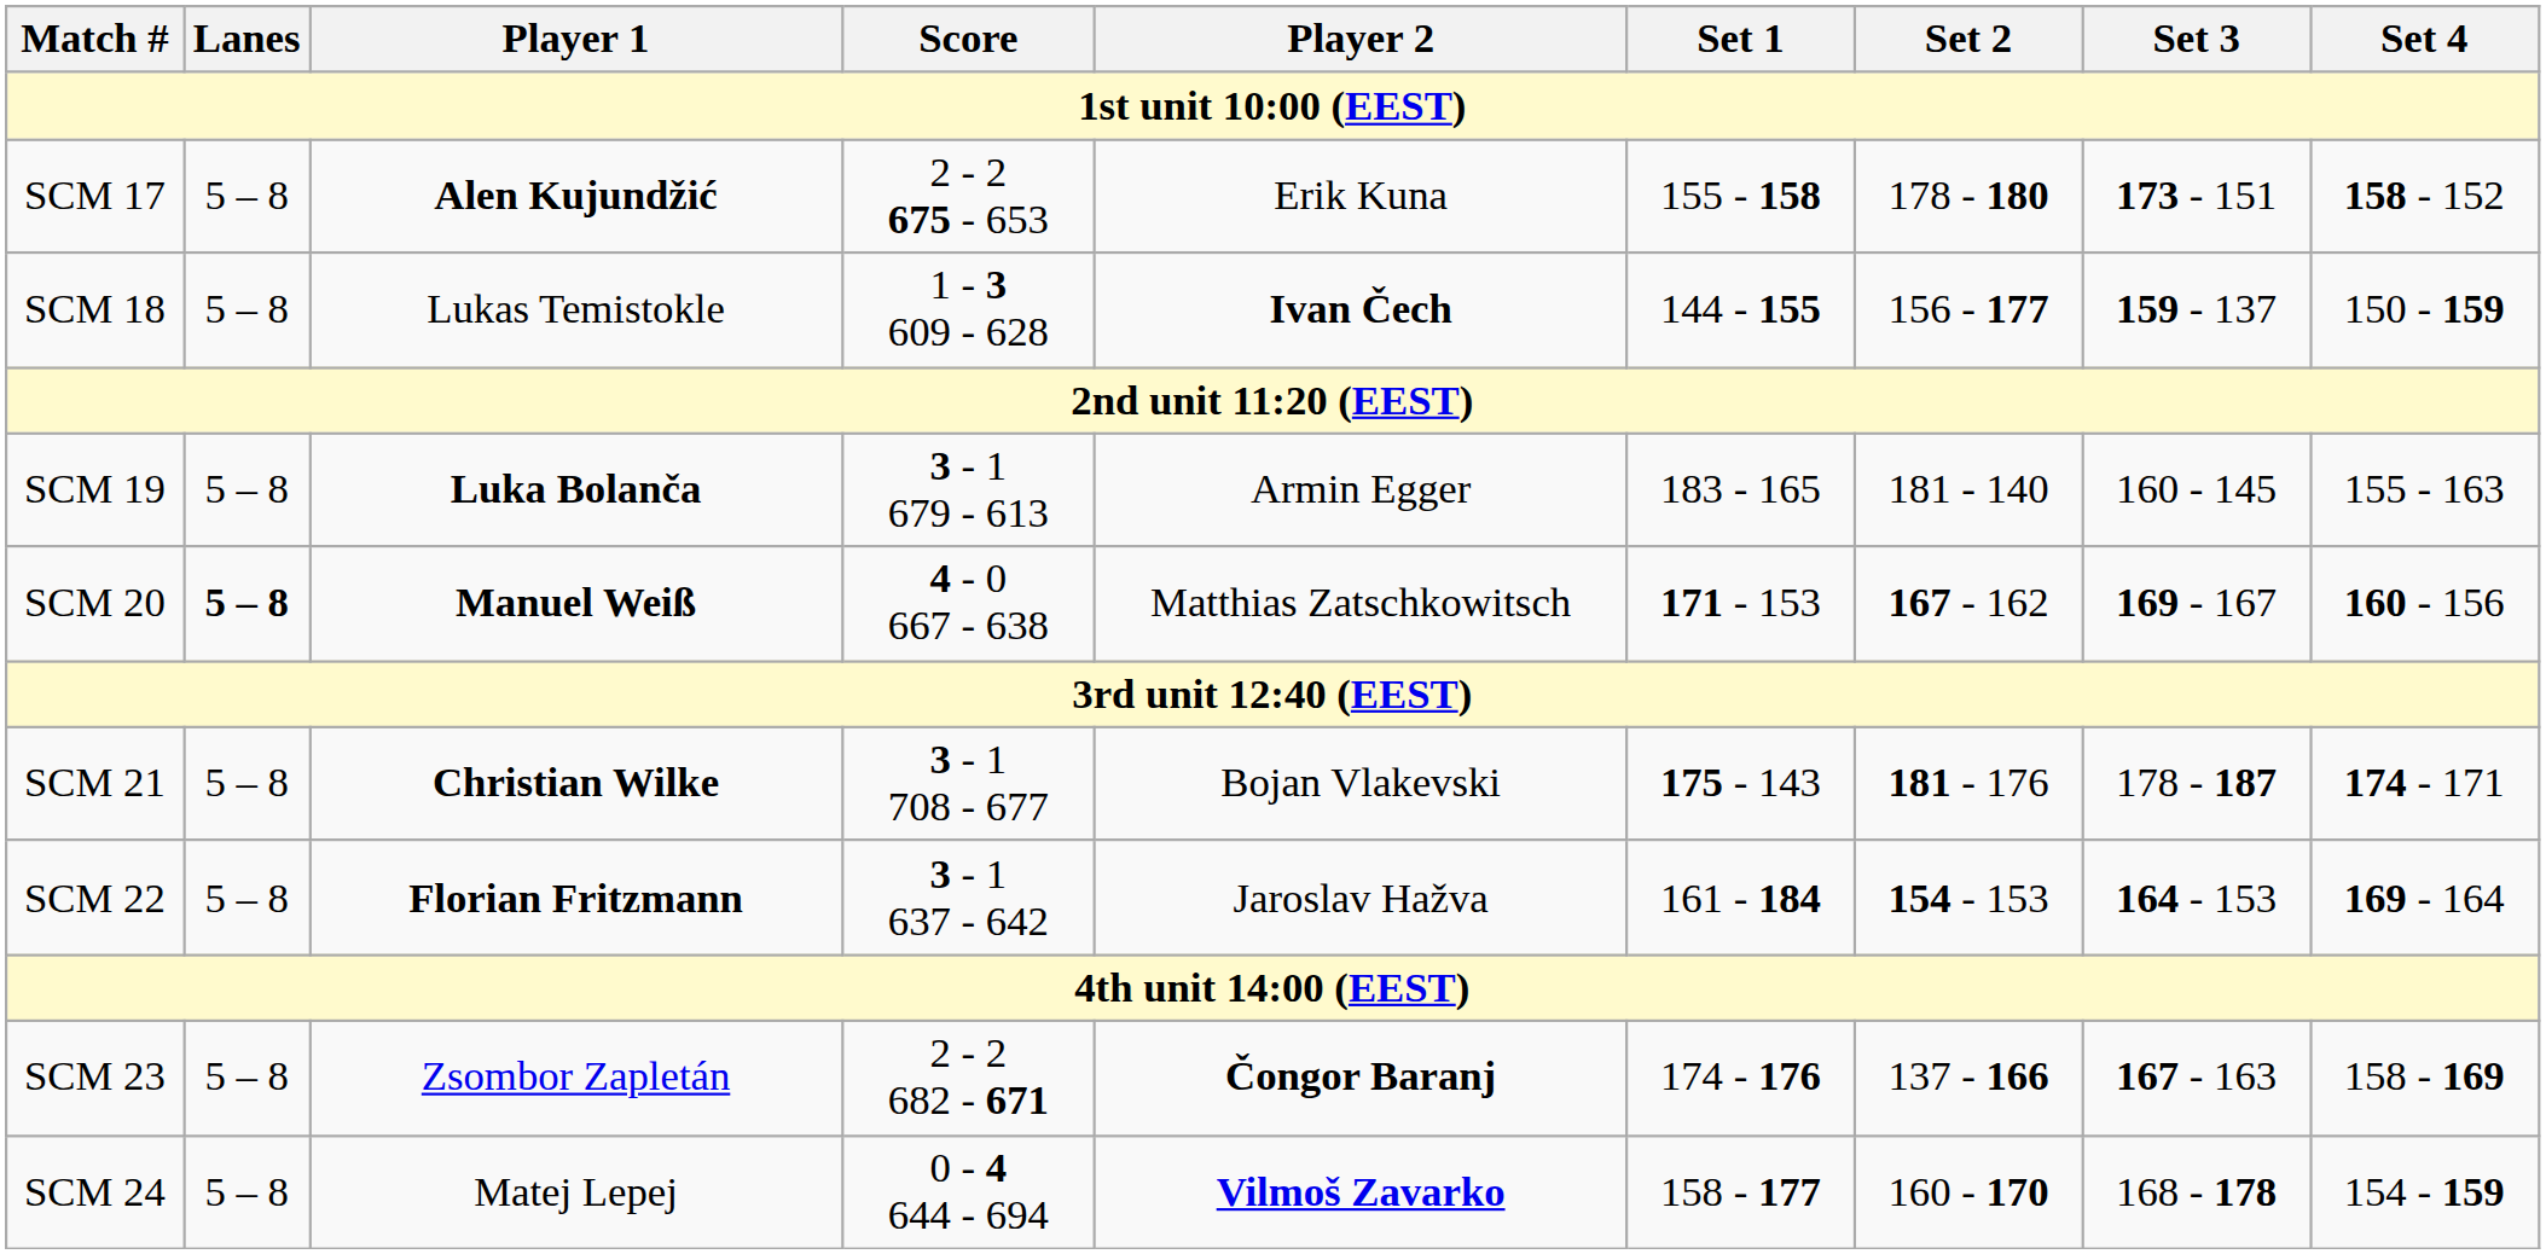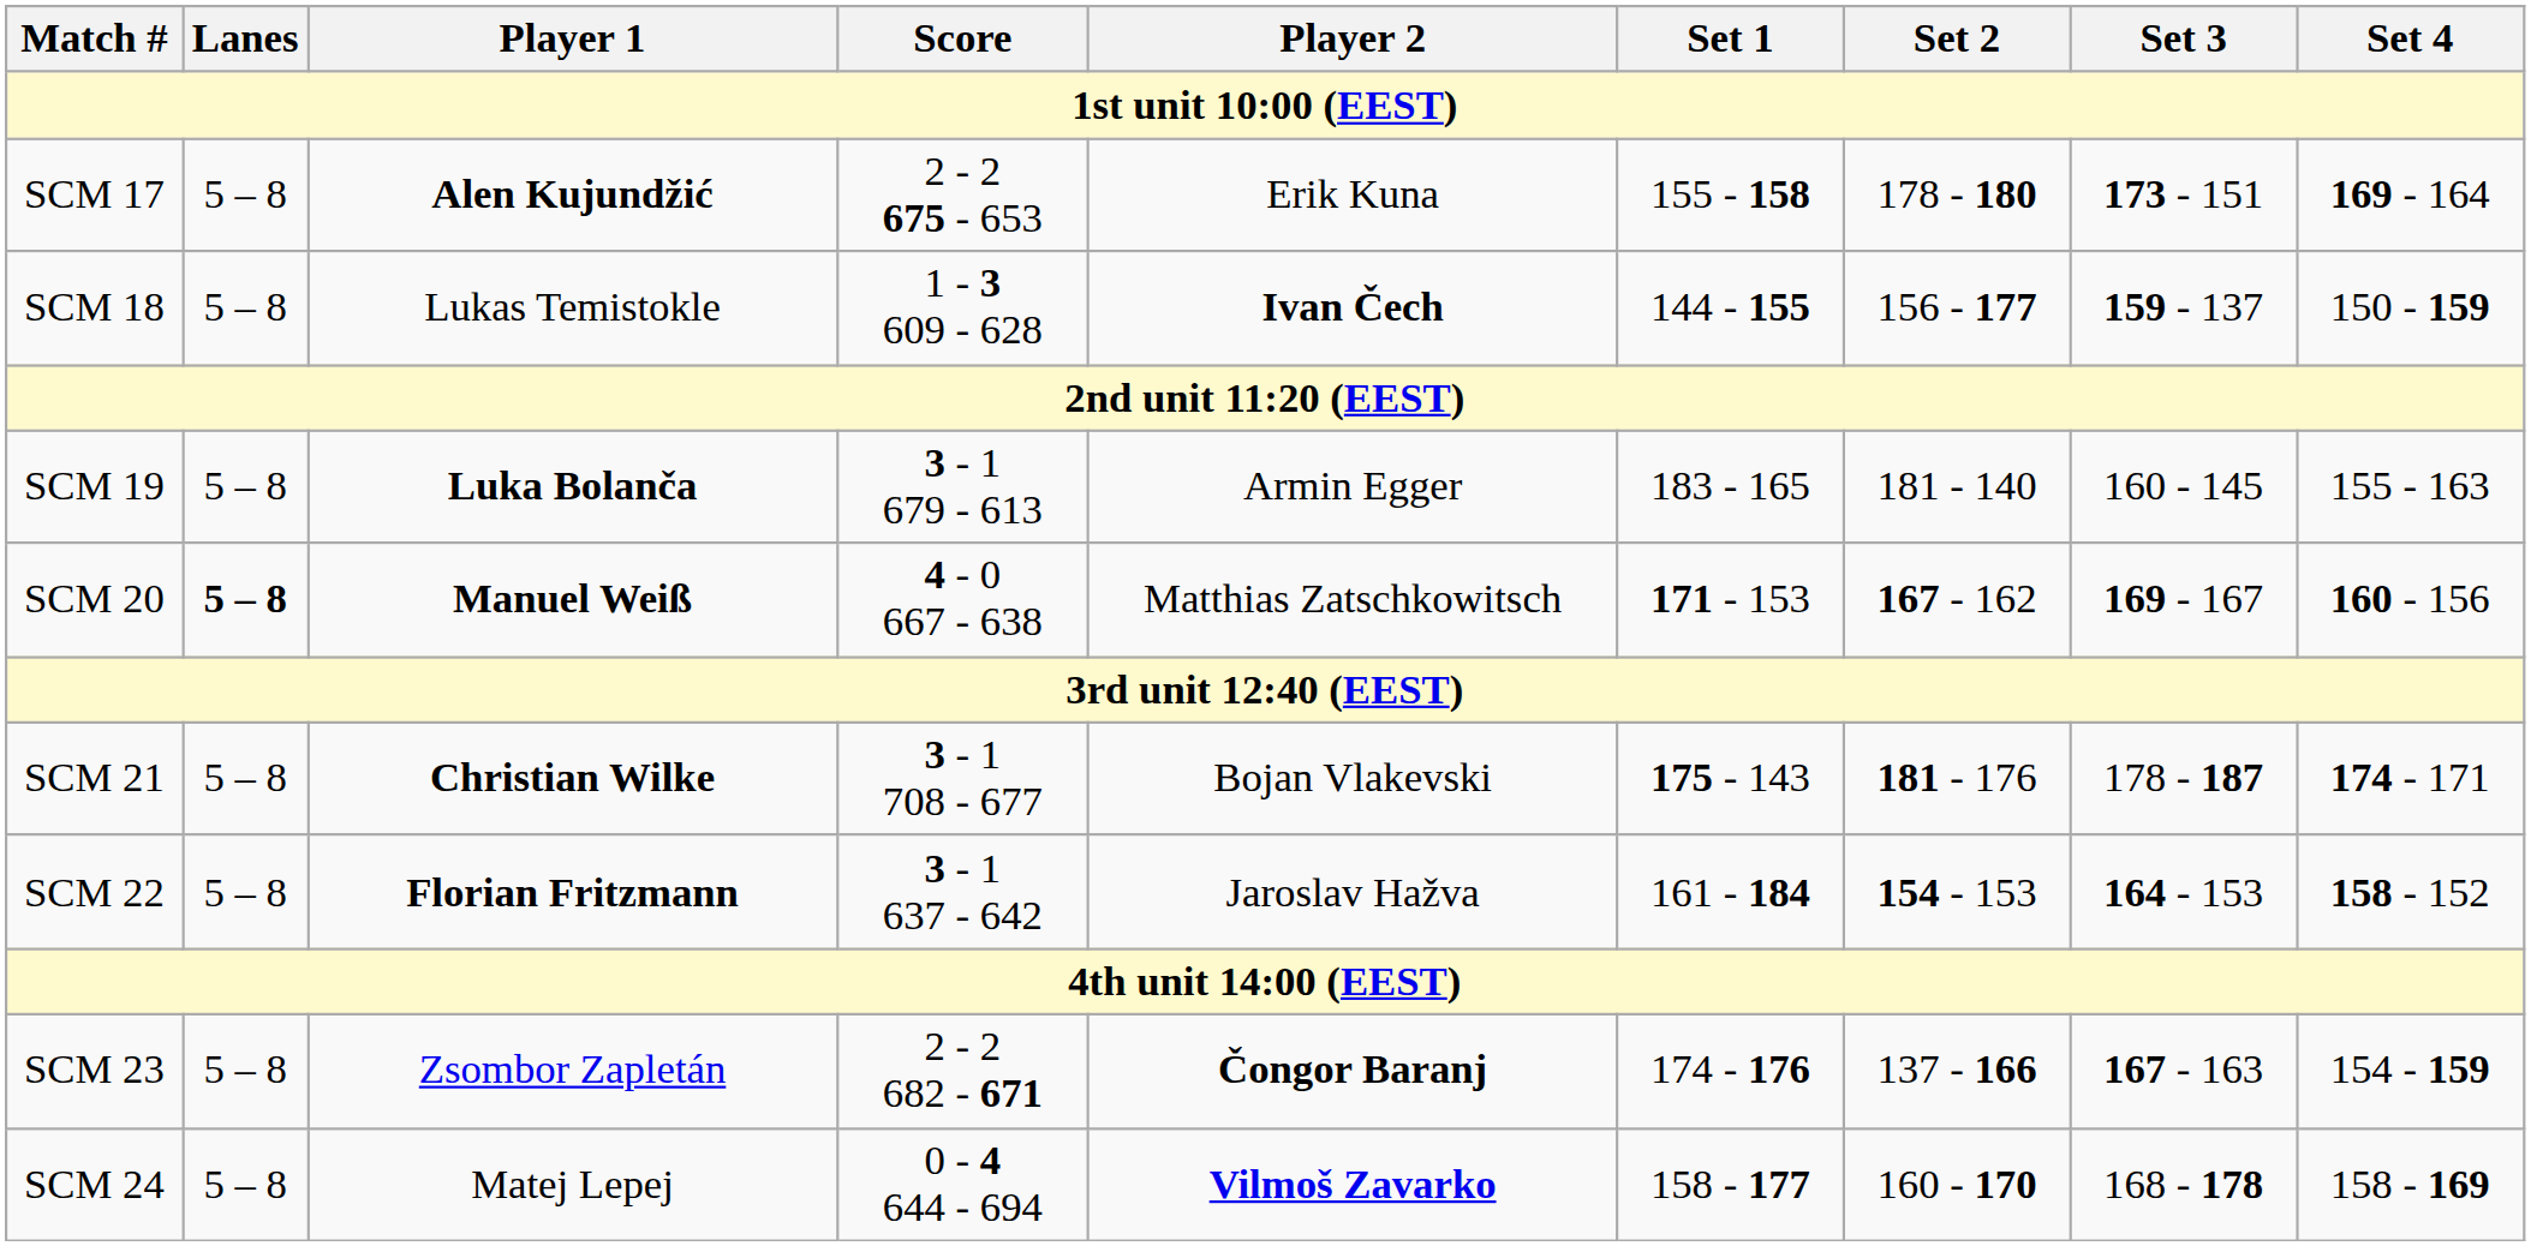 <table class="wikitable">
 <tr>
 <th width="7%">Match #</th>
 <th width="5%">Lanes</th>
 <th width="21%">Player 1</th>
 <th width="10%">Score</th>
 <th width="21%">Player 2</th>
 <th width="9%">Set 1</th>
 <th width="9%">Set 2</th>
 <th width="9%">Set 3</th>
 <th width="9%">Set 4</th>
 </tr>
 <tr>
 <td colspan="9" style="text-align:center; background-color:#FFFACD"><strong>1st unit 10:00 (<a href='#'>EEST</a>)</strong></td>
 </tr>
 <tr style=text-align:center;"background:#;">
 <td>SCM 17</td>
 <td>5 – 8</td>
 <td> <strong>Alen Kujundžić</strong></td>
 <td>2 - 2 <br> <strong>675</strong> - 653</td>
 <td> Erik Kuna</td>
 <td>155 - <strong>158</strong></td>
 <td>178 - <strong>180</strong></td>
 <td><strong>173</strong> - 151</td>
-<td><strong>158</strong> - 152</td>
+<td><strong>169</strong> - 164</td>
 </tr>
 <tr style=text-align:center;"background:#;">
 <td>SCM 18</td>
 <td>5 – 8</td>
 <td> Lukas Temistokle</td>
 <td>1 - <strong>3</strong> <br> 609 - 628</td>
 <td> <strong>Ivan Čech</strong></td>
 <td>144 - <strong>155</strong></td>
 <td>156 - <strong>177</strong></td>
 <td><strong>159</strong> - 137</td>
 <td>150 - <strong>159</strong></td>
 </tr>
 <tr>
 <td colspan="9" style="text-align:center; background-color:#FFFACD"><strong>2nd unit 11:20 (<a href='#'>EEST</a>)</strong></td>
 </tr>
 <tr style=text-align:center;"background:#;">
 <td>SCM 19</td>
 <td>5 – 8</td>
 <td> <strong>Luka Bolanča</strong></td>
 <td><strong>3</strong> - 1 <br> 679 - 613</td>
 <td> Armin Egger</td>
 <td>183 - 165</td>
 <td>181 - 140</td>
 <td>160 - 145</td>
 <td>155 - 163</td>
 </tr>
 <tr style=text-align:center;"background:#;">
 <td>SCM 20</td>
 <td><strong>5 – 8</strong></td>
 <td> <strong>Manuel Weiß</strong></td>
 <td><strong>4</strong> - 0 <br> 667 - 638</td>
 <td> Matthias Zatschkowitsch</td>
 <td><strong>171</strong> - 153</td>
 <td><strong>167</strong> - 162</td>
 <td><strong>169</strong> - 167</td>
 <td><strong>160</strong> - 156</td>
 </tr>
 <tr>
 <td colspan="9" style="text-align:center; background-color:#FFFACD"><strong>3rd unit 12:40 (<a href='#'>EEST</a>)</strong></td>
 </tr>
 <tr style=text-align:center;"background:#;">
 <td>SCM 21</td>
 <td>5 – 8</td>
 <td> <strong>Christian Wilke</strong></td>
 <td><strong>3</strong> - 1 <br> 708 - 677</td>
 <td> Bojan Vlakevski</td>
 <td><strong>175</strong> - 143</td>
 <td><strong>181</strong> - 176</td>
 <td>178 - <strong>187</strong></td>
 <td><strong>174</strong> - 171</td>
 </tr>
 <tr style=text-align:center;"background:#;">
 <td>SCM 22</td>
 <td>5 – 8</td>
 <td> <strong>Florian Fritzmann</strong></td>
 <td><strong>3</strong> - 1 <br> 637 - 642</td>
 <td> Jaroslav Hažva</td>
 <td>161 - <strong>184</strong></td>
 <td><strong>154</strong> - 153</td>
 <td><strong>164</strong> - 153</td>
-<td><strong>169</strong> - 164</td>
+<td><strong>158</strong> - 152</td>
 </tr>
 <tr>
 <td colspan="9" style="text-align:center; background-color:#FFFACD"><strong>4th unit 14:00 (<a href='#'>EEST</a>)</strong></td>
 </tr>
 <tr style=text-align:center;"background:#;">
 <td>SCM 23</td>
 <td>5 – 8</td>
 <td> <a href='#'>Zsombor Zapletán</a></td>
 <td>2 - 2 <br> 682 - <strong>671</strong></td>
 <td> <strong>Čongor Baranj</strong></td>
 <td>174 - <strong>176</strong></td>
 <td>137 - <strong>166</strong></td>
 <td><strong>167</strong> - 163</td>
-<td>158 - <strong>169</strong></td>
+<td>154 - <strong>159</strong></td>
 </tr>
 <tr style=text-align:center;"background:#;">
 <td>SCM 24</td>
 <td>5 – 8</td>
 <td> Matej Lepej</td>
 <td>0 - <strong>4</strong> <br> 644 - 694</td>
 <td> <strong><a href='#'>Vilmoš Zavarko</a></strong></td>
 <td>158 - <strong>177</strong></td>
 <td>160 - <strong>170</strong></td>
 <td>168 - <strong>178</strong></td>
-<td>154 - <strong>159</strong></td>
+<td>158 - <strong>169</strong></td>
 </tr>
 </table>
